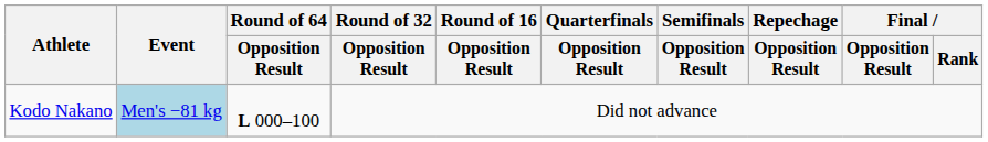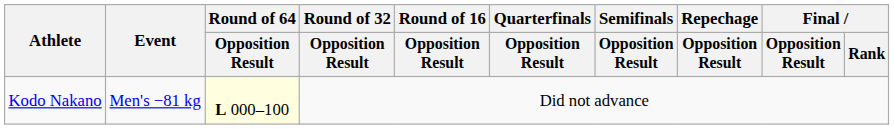 <table class="wikitable" style="font-size:90%">
 <tr>
 <th rowspan="2">Athlete</th>
 <th rowspan="2">Event</th>
 <th>Round of 64</th>
 <th>Round of 32</th>
 <th>Round of 16</th>
 <th>Quarterfinals</th>
 <th>Semifinals</th>
 <th>Repechage</th>
 <th colspan=2>Final / </th>
 </tr>
 <tr style="font-size:95%">
 <th>Opposition<br>Result</th>
 <th>Opposition<br>Result</th>
 <th>Opposition<br>Result</th>
 <th>Opposition<br>Result</th>
 <th>Opposition<br>Result</th>
 <th>Opposition<br>Result</th>
 <th>Opposition<br>Result</th>
 <th>Rank</th>
 </tr>
 <tr align=center>
 <td align=left><a href='#'>Kodo Nakano</a></td>
-<td align=left style="background: lightblue;"><a href='#'>Men's −81 kg</a></td>
-<td><br><strong>L</strong> 000–100</td>
+<td align=left><a href='#'>Men's −81 kg</a></td>
+<td style="background: lightyellow;"><br><strong>L</strong> 000–100</td>
 <td colspan=7>Did not advance</td>
 </tr>
 </table>
